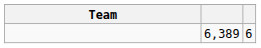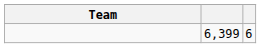 <table class="wikitable">
 <tr>
 </tr>
 <tr>
 <th width=210>Team</th>
 <th></th>
 <th></th>
 </tr>
 <tr>
 <td><strong></strong></td>
-<td align=right>6,389</td>
+<td align=right>6,399</td>
 <td align=center>6</td>
 </tr>
 </table>
